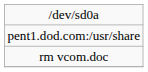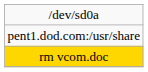 <table class="wikitable" style="text-align:center">
 <tr>
 <td>/dev/sd0a</td>
 </tr>
 <tr>
 <td>pent1.dod.com:/usr/share</td>
 </tr>
 <tr>
-<td>rm vcom.doc</td>
+<td style="background: gold;">rm vcom.doc</td>
 </tr>
 <tr>
 </tr>
 </table>
